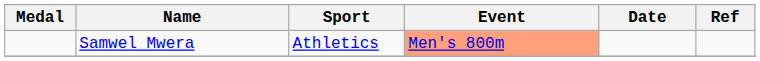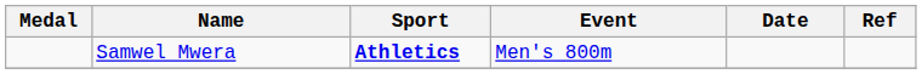 <table class="wikitable sortable" style="font-size:100%">
 <tr>
 <th width="60">Medal</th>
 <th width="250">Name</th>
 <th width="100">Sport</th>
 <th width="230">Event</th>
 <th width="100">Date</th>
 <th width="55">Ref</th>
 </tr>
 <tr>
 <td></td>
 <td><a href='#'>Samwel Mwera</a></td>
-<td><a href='#'>Athletics</a></td>
-<td style="background: lightsalmon;"><a href='#'>Men's 800m</a></td>
+<td><strong><a href='#'>Athletics</a></strong></td>
+<td><a href='#'>Men's 800m</a></td>
 <td></td>
 <td></td>
 </tr>
 <tr>
 </tr>
 </table>
